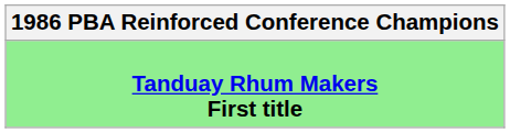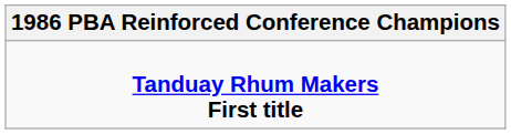 <table class=wikitable style="text-align:center; margin:auto">
 <tr>
 <th>1986 PBA Reinforced Conference Champions</th>
 </tr>
 <tr>
-<td style="background: lightgreen;"><br> <strong><a href='#'>Tanduay Rhum Makers</a></strong> <br> <strong>First title</strong></td>
+<td><br> <strong><a href='#'>Tanduay Rhum Makers</a></strong> <br> <strong>First title</strong></td>
 </tr>
 </table>
